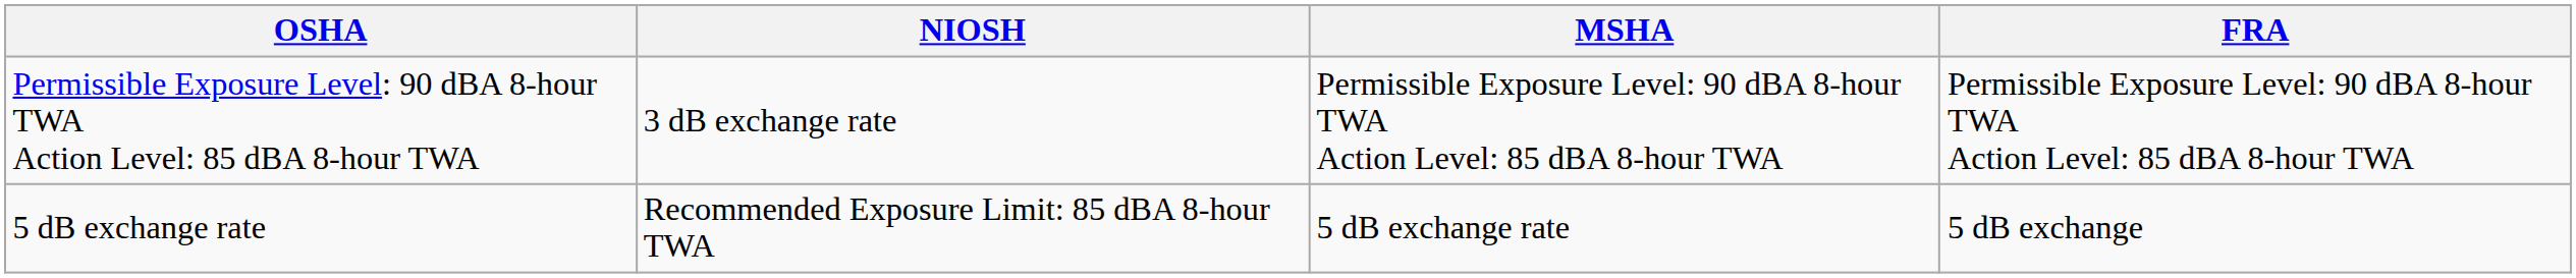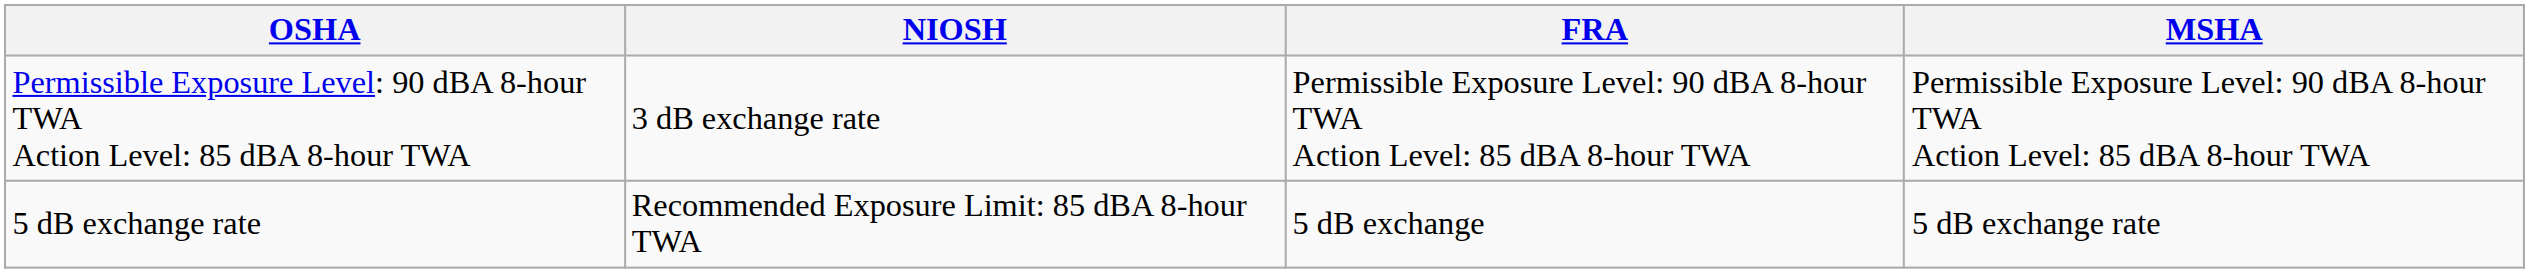 <table class="wikitable">
 <tr>
 <th><a href='#'>OSHA</a></th>
 <th><a href='#'>NIOSH</a></th>
+<th><a href='#'>FRA</a></th>
 <th><a href='#'>MSHA</a></th>
-<th><a href='#'>FRA</a></th>
 </tr>
 <tr>
 <td><a href='#'>Permissible Exposure Level</a>: 90 dBA 8-hour TWA<br>Action Level: 85 dBA 8-hour TWA</td>
 <td>3 dB exchange rate</td>
 <td>Permissible Exposure Level: 90 dBA 8-hour TWA<br>Action Level: 85 dBA 8-hour TWA</td>
 <td>Permissible Exposure Level: 90 dBA 8-hour TWA<br>Action Level: 85 dBA 8-hour TWA</td>
 </tr>
 <tr>
 <td>5 dB exchange rate</td>
 <td>Recommended Exposure Limit: 85 dBA 8-hour TWA<br></td>
+<td>5 dB exchange</td>
 <td>5 dB exchange rate</td>
-<td>5 dB exchange</td>
 </tr>
 </table>
